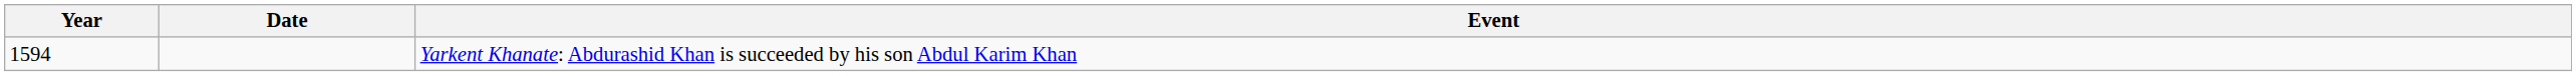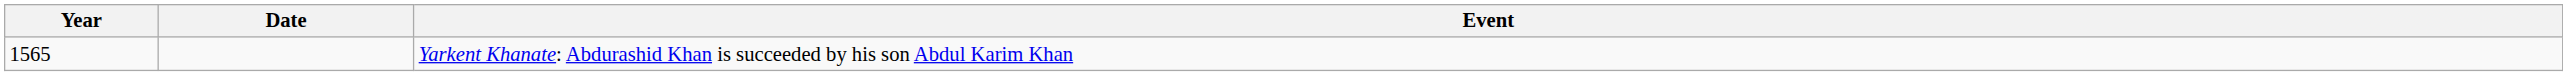 <table class="wikitable" width="100%">
 <tr>
 <th style="width:6%">Year</th>
 <th style="width:10%">Date</th>
 <th>Event</th>
 </tr>
 <tr>
-<td>1594</td>
+<td>1565</td>
 <td></td>
 <td><em><a href='#'>Yarkent Khanate</a></em>: <a href='#'>Abdurashid Khan</a> is succeeded by his son <a href='#'>Abdul Karim Khan</a></td>
 </tr>
 </table>
